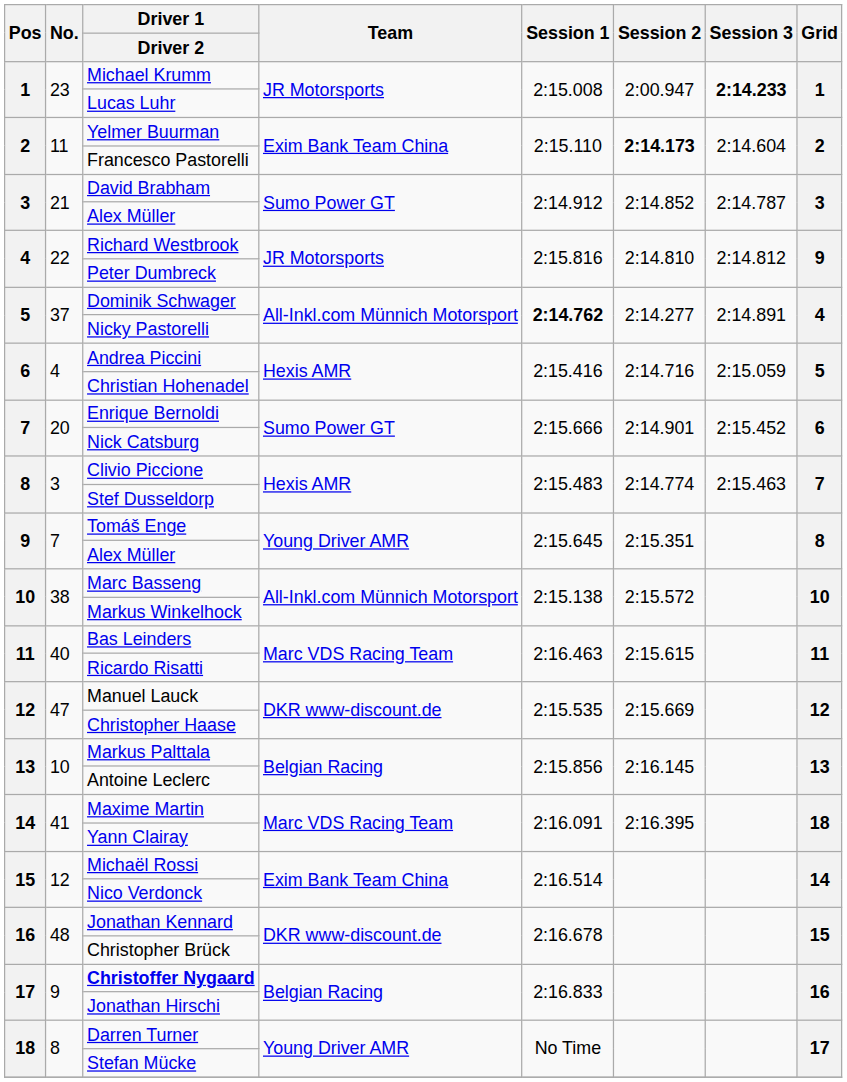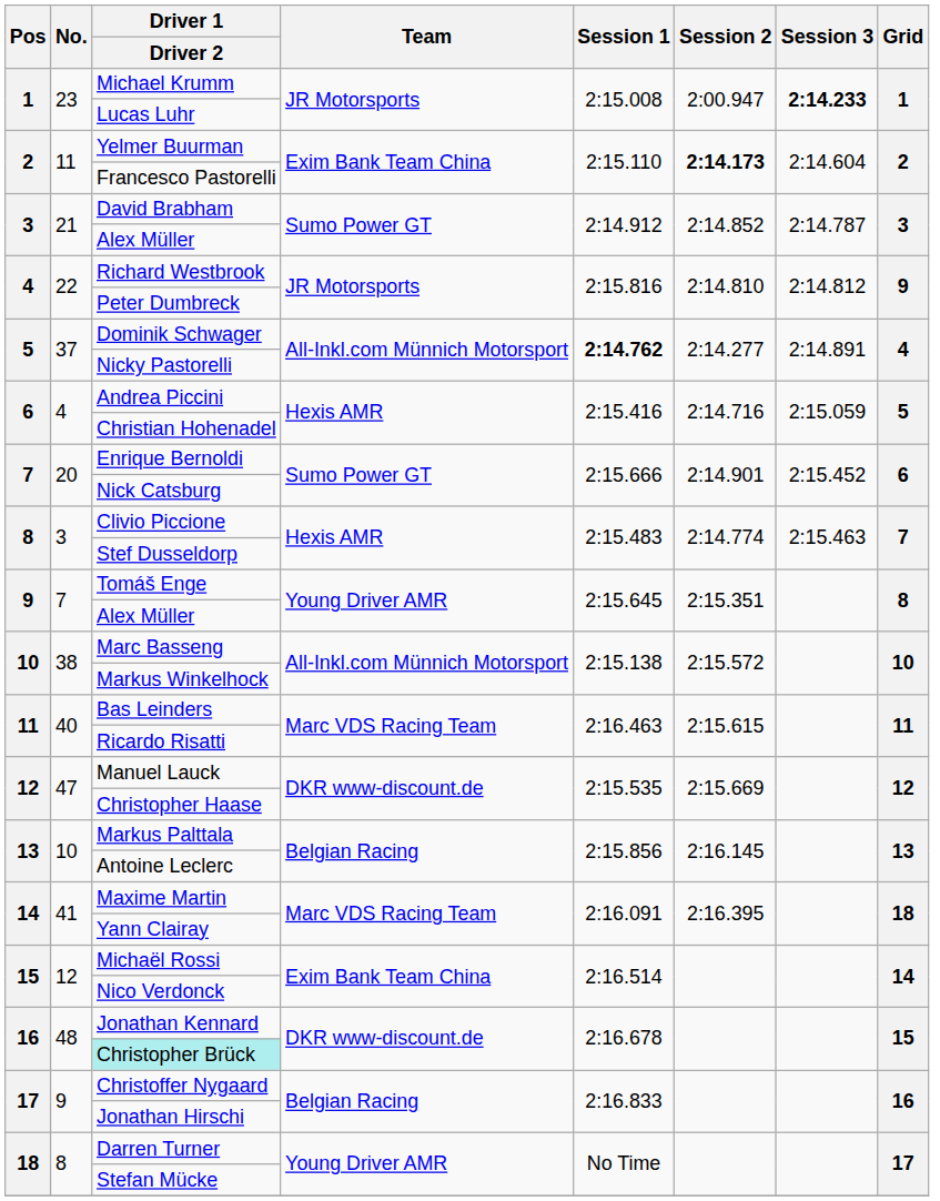 <table class="wikitable" style="font-size: 90%;">
 <tr>
 <th rowspan=2>Pos</th>
 <th rowspan=2>No.</th>
 <th>Driver 1</th>
 <th rowspan=2>Team</th>
 <th rowspan=2>Session 1</th>
 <th rowspan=2>Session 2</th>
 <th rowspan=2>Session 3</th>
 <th rowspan=2>Grid</th>
 </tr>
 <tr>
 <th>Driver 2</th>
 </tr>
 <tr>
 <th rowspan=2>1</th>
 <td rowspan=2>23</td>
 <td> <a href='#'>Michael Krumm</a></td>
 <td rowspan=2> <a href='#'>JR Motorsports</a></td>
 <td rowspan=2 align="center">2:15.008</td>
 <td rowspan=2 align="center">2:00.947</td>
 <td rowspan=2 align="center"><strong>2:14.233</strong></td>
 <th rowspan=2>1</th>
 </tr>
 <tr>
 <td> <a href='#'>Lucas Luhr</a></td>
 </tr>
 <tr>
 <th rowspan=2>2</th>
 <td rowspan=2>11</td>
 <td> <a href='#'>Yelmer Buurman</a></td>
 <td rowspan=2> <a href='#'>Exim Bank Team China</a></td>
 <td rowspan=2 align="center">2:15.110</td>
 <td rowspan=2 align="center"><strong>2:14.173</strong></td>
 <td rowspan=2 align="center">2:14.604</td>
 <th rowspan=2>2</th>
 </tr>
 <tr>
 <td> Francesco Pastorelli</td>
 </tr>
 <tr>
 <th rowspan=2>3</th>
 <td rowspan=2>21</td>
 <td> <a href='#'>David Brabham</a></td>
 <td rowspan=2> <a href='#'>Sumo Power GT</a></td>
 <td rowspan=2 align="center">2:14.912</td>
 <td rowspan=2 align="center">2:14.852</td>
 <td rowspan=2 align="center">2:14.787</td>
 <th rowspan=2>3</th>
 </tr>
 <tr>
 <td> <a href='#'>Alex Müller</a></td>
 </tr>
 <tr>
 <th rowspan=2>4</th>
 <td rowspan=2>22</td>
 <td> <a href='#'>Richard Westbrook</a></td>
 <td rowspan=2> <a href='#'>JR Motorsports</a></td>
 <td rowspan=2 align="center">2:15.816</td>
 <td rowspan=2 align="center">2:14.810</td>
 <td rowspan=2 align="center">2:14.812</td>
 <th rowspan=2>9</th>
 </tr>
 <tr>
 <td> <a href='#'>Peter Dumbreck</a></td>
 </tr>
 <tr>
 <th rowspan=2>5</th>
 <td rowspan=2>37</td>
 <td> <a href='#'>Dominik Schwager</a></td>
 <td rowspan=2> <a href='#'>All-Inkl.com Münnich Motorsport</a></td>
 <td rowspan=2 align="center"><strong>2:14.762</strong></td>
 <td rowspan=2 align="center">2:14.277</td>
 <td rowspan=2 align="center">2:14.891</td>
 <th rowspan=2>4</th>
 </tr>
 <tr>
 <td> <a href='#'>Nicky Pastorelli</a></td>
 </tr>
 <tr>
 <th rowspan=2>6</th>
 <td rowspan=2>4</td>
 <td> <a href='#'>Andrea Piccini</a></td>
 <td rowspan=2> <a href='#'>Hexis AMR</a></td>
 <td rowspan=2 align="center">2:15.416</td>
 <td rowspan=2 align="center">2:14.716</td>
 <td rowspan=2 align="center">2:15.059</td>
 <th rowspan=2>5</th>
 </tr>
 <tr>
 <td> <a href='#'>Christian Hohenadel</a></td>
 </tr>
 <tr>
 <th rowspan=2>7</th>
 <td rowspan=2>20</td>
 <td> <a href='#'>Enrique Bernoldi</a></td>
 <td rowspan=2> <a href='#'>Sumo Power GT</a></td>
 <td rowspan=2 align="center">2:15.666</td>
 <td rowspan=2 align="center">2:14.901</td>
 <td rowspan=2 align="center">2:15.452</td>
 <th rowspan=2>6</th>
 </tr>
 <tr>
 <td> <a href='#'>Nick Catsburg</a></td>
 </tr>
 <tr>
 <th rowspan=2>8</th>
 <td rowspan=2>3</td>
 <td> <a href='#'>Clivio Piccione</a></td>
 <td rowspan=2> <a href='#'>Hexis AMR</a></td>
 <td rowspan=2 align="center">2:15.483</td>
 <td rowspan=2 align="center">2:14.774</td>
 <td rowspan=2 align="center">2:15.463</td>
 <th rowspan=2>7</th>
 </tr>
 <tr>
 <td> <a href='#'>Stef Dusseldorp</a></td>
 </tr>
 <tr>
 <th rowspan=2>9</th>
 <td rowspan=2>7</td>
 <td> <a href='#'>Tomáš Enge</a></td>
 <td rowspan=2> <a href='#'>Young Driver AMR</a></td>
 <td rowspan=2 align="center">2:15.645</td>
 <td rowspan=2 align="center">2:15.351</td>
 <td rowspan=2 align="center"></td>
 <th rowspan=2>8</th>
 </tr>
 <tr>
 <td> <a href='#'>Alex Müller</a></td>
 </tr>
 <tr>
 <th rowspan=2>10</th>
 <td rowspan=2>38</td>
 <td> <a href='#'>Marc Basseng</a></td>
 <td rowspan=2> <a href='#'>All-Inkl.com Münnich Motorsport</a></td>
 <td rowspan=2 align="center">2:15.138</td>
 <td rowspan=2 align="center">2:15.572</td>
 <td rowspan=2 align="center"></td>
 <th rowspan=2>10</th>
 </tr>
 <tr>
 <td> <a href='#'>Markus Winkelhock</a></td>
 </tr>
 <tr>
 <th rowspan=2>11</th>
 <td rowspan=2>40</td>
 <td> <a href='#'>Bas Leinders</a></td>
 <td rowspan=2> <a href='#'>Marc VDS Racing Team</a></td>
 <td rowspan=2 align="center">2:16.463</td>
 <td rowspan=2 align="center">2:15.615</td>
 <td rowspan=2 align="center"></td>
 <th rowspan=2>11</th>
 </tr>
 <tr>
 <td> <a href='#'>Ricardo Risatti</a></td>
 </tr>
 <tr>
 <th rowspan=2>12</th>
 <td rowspan=2>47</td>
 <td> Manuel Lauck</td>
 <td rowspan=2> <a href='#'>DKR www-discount.de</a></td>
 <td rowspan=2 align="center">2:15.535</td>
 <td rowspan=2 align="center">2:15.669</td>
 <td rowspan=2 align="center"></td>
 <th rowspan=2>12</th>
 </tr>
 <tr>
 <td> <a href='#'>Christopher Haase</a></td>
 </tr>
 <tr>
 <th rowspan=2>13</th>
 <td rowspan=2>10</td>
 <td> <a href='#'>Markus Palttala</a></td>
 <td rowspan=2> <a href='#'>Belgian Racing</a></td>
 <td rowspan=2 align="center">2:15.856</td>
 <td rowspan=2 align="center">2:16.145</td>
 <td rowspan=2 align="center"></td>
 <th rowspan=2>13</th>
 </tr>
 <tr>
 <td> Antoine Leclerc</td>
 </tr>
 <tr>
 <th rowspan=2>14</th>
 <td rowspan=2>41</td>
 <td> <a href='#'>Maxime Martin</a></td>
 <td rowspan=2> <a href='#'>Marc VDS Racing Team</a></td>
 <td rowspan=2 align="center">2:16.091</td>
 <td rowspan=2 align="center">2:16.395</td>
 <td rowspan=2 align="center"></td>
 <th rowspan=2>18</th>
 </tr>
 <tr>
 <td> <a href='#'>Yann Clairay</a></td>
 </tr>
 <tr>
 <th rowspan=2>15</th>
 <td rowspan=2>12</td>
 <td> <a href='#'>Michaël Rossi</a></td>
 <td rowspan=2> <a href='#'>Exim Bank Team China</a></td>
 <td rowspan=2 align="center">2:16.514</td>
 <td rowspan=2 align="center"></td>
 <td rowspan=2 align="center"></td>
 <th rowspan=2>14</th>
 </tr>
 <tr>
 <td> <a href='#'>Nico Verdonck</a></td>
 </tr>
 <tr>
 <th rowspan=2>16</th>
 <td rowspan=2>48</td>
 <td> <a href='#'>Jonathan Kennard</a></td>
 <td rowspan=2> <a href='#'>DKR www-discount.de</a></td>
 <td rowspan=2 align="center">2:16.678</td>
 <td rowspan=2 align="center"></td>
 <td rowspan=2 align="center"></td>
 <th rowspan=2>15</th>
 </tr>
 <tr>
-<td> Christopher Brück</td>
+<td style="background: paleturquoise;"> Christopher Brück</td>
 </tr>
 <tr>
 <th rowspan=2>17</th>
 <td rowspan=2>9</td>
-<td><strong> <a href='#'>Christoffer Nygaard</a></strong></td>
+<td> <a href='#'>Christoffer Nygaard</a></td>
 <td rowspan=2> <a href='#'>Belgian Racing</a></td>
 <td rowspan=2 align="center">2:16.833</td>
 <td rowspan=2 align="center"></td>
 <td rowspan=2 align="center"></td>
 <th rowspan=2>16</th>
 </tr>
 <tr>
 <td> <a href='#'>Jonathan Hirschi</a></td>
 </tr>
 <tr>
 <th rowspan=2>18</th>
 <td rowspan=2>8</td>
 <td> <a href='#'>Darren Turner</a></td>
 <td rowspan=2> <a href='#'>Young Driver AMR</a></td>
 <td rowspan=2 align="center">No Time</td>
 <td rowspan=2 align="center"></td>
 <td rowspan=2 align="center"></td>
 <th rowspan=2>17</th>
 </tr>
 <tr>
 <td> <a href='#'>Stefan Mücke</a></td>
 </tr>
 <tr>
 </tr>
 </table>
